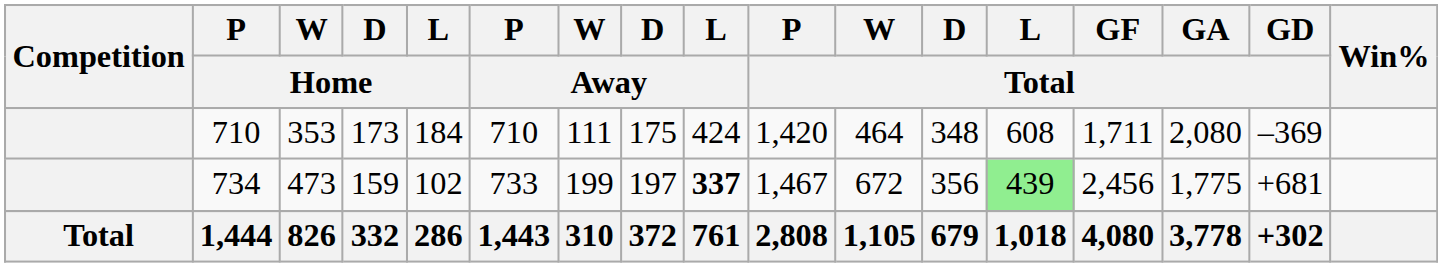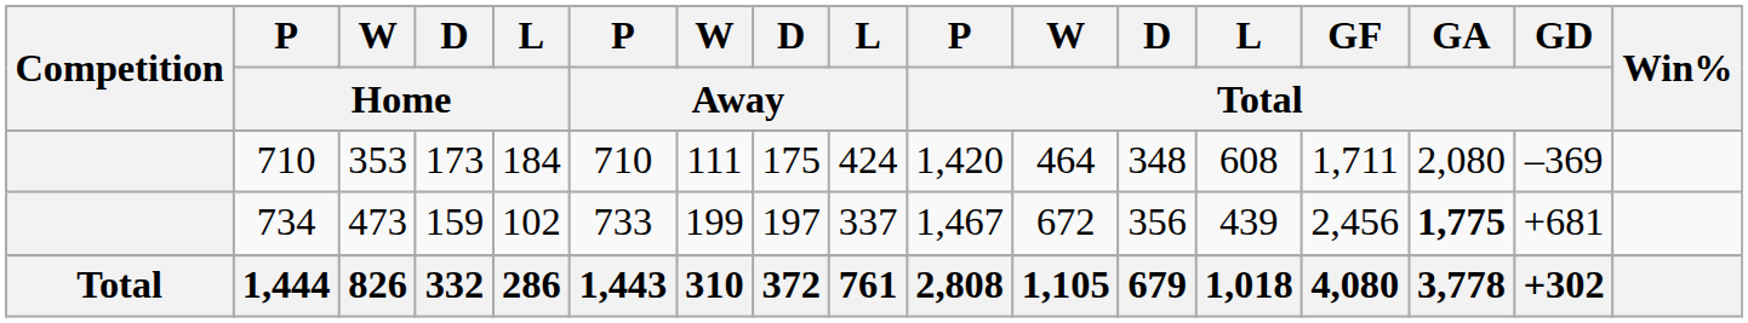 <table class="wikitable plainrowheaders sortable" style="text-align:center">
 <tr>
 <th scope="col" rowspan="2">Competition</th>
 <th scope="col">P</th>
 <th scope="col">W</th>
 <th scope="col">D</th>
 <th scope="col">L</th>
 <th scope="col">P</th>
 <th scope="col">W</th>
 <th scope="col">D</th>
 <th scope="col">L</th>
 <th scope="col">P</th>
 <th scope="col">W</th>
 <th scope="col">D</th>
 <th scope="col">L</th>
 <th scope="col">GF</th>
 <th scope="col">GA</th>
 <th scope="col">GD</th>
 <th scope="col" rowspan="2">Win%</th>
 </tr>
 <tr class="unsortable">
 <th colspan="4">Home</th>
 <th colspan="4">Away</th>
 <th colspan="7">Total</th>
 </tr>
 <tr>
 <th scope="row" align=left></th>
 <td>710</td>
 <td>353</td>
 <td>173</td>
 <td>184</td>
 <td>710</td>
 <td>111</td>
 <td>175</td>
 <td>424</td>
 <td>1,420</td>
 <td>464</td>
 <td>348</td>
 <td>608</td>
 <td>1,711</td>
 <td>2,080</td>
 <td>–369</td>
 <td></td>
 </tr>
 <tr>
 <th scope="row" align=left></th>
 <td>734</td>
 <td>473</td>
 <td>159</td>
 <td>102</td>
 <td>733</td>
 <td>199</td>
 <td>197</td>
-<td><strong>337</strong></td>
+<td>337</td>
 <td>1,467</td>
 <td>672</td>
 <td>356</td>
-<td style="background: lightgreen;">439</td>
+<td>439</td>
 <td>2,456</td>
-<td>1,775</td>
+<td><strong>1,775</strong></td>
 <td>+681</td>
 <td></td>
 </tr>
 <tr>
 </tr>
 <tr class="sortbottom">
 <th>Total</th>
 <th>1,444</th>
 <th>826</th>
 <th>332</th>
 <th>286</th>
 <th>1,443</th>
 <th>310</th>
 <th>372</th>
 <th>761</th>
 <th>2,808</th>
 <th>1,105</th>
 <th>679</th>
 <th>1,018</th>
 <th>4,080</th>
 <th>3,778</th>
 <th>+302</th>
 <th></th>
 </tr>
 </table>
